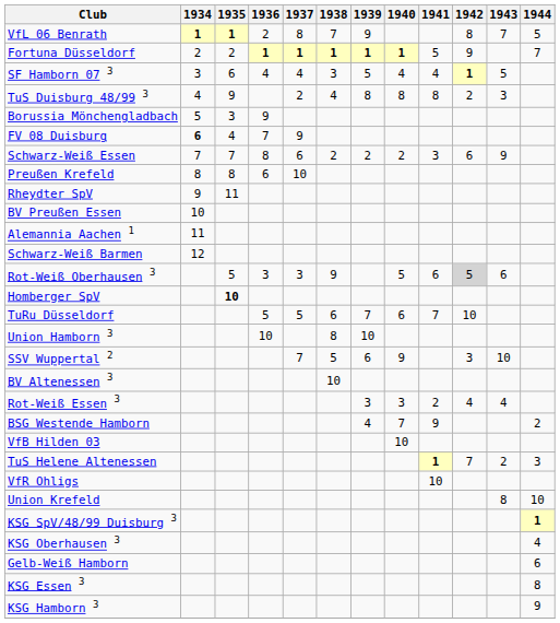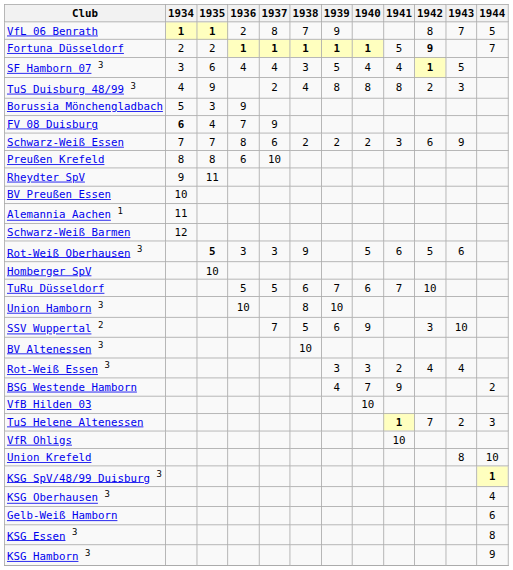 <table class="wikitable">
 <tr>
 <th>Club</th>
 <th>1934</th>
 <th>1935</th>
 <th>1936</th>
 <th>1937</th>
 <th>1938</th>
 <th>1939</th>
 <th>1940</th>
 <th>1941</th>
 <th>1942</th>
 <th>1943</th>
 <th>1944</th>
 </tr>
 <tr align="center">
 <td align="left"><a href='#'>VfL 06 Benrath</a></td>
 <td bgcolor="#ffffbf"><strong>1</strong></td>
 <td bgcolor="#ffffbf"><strong>1</strong></td>
 <td>2</td>
 <td>8</td>
 <td>7</td>
 <td>9</td>
 <td></td>
 <td></td>
 <td>8</td>
 <td>7</td>
 <td>5</td>
 </tr>
 <tr align="center">
 <td align="left"><a href='#'>Fortuna Düsseldorf</a></td>
 <td>2</td>
 <td>2</td>
 <td bgcolor="#ffffbf"><strong>1</strong></td>
 <td bgcolor="#ffffbf"><strong>1</strong></td>
 <td bgcolor="#ffffbf"><strong>1</strong></td>
 <td bgcolor="#ffffbf"><strong>1</strong></td>
 <td bgcolor="#ffffbf"><strong>1</strong></td>
 <td>5</td>
-<td>9</td>
+<td><strong>9</strong></td>
 <td></td>
 <td>7</td>
 </tr>
 <tr align="center">
 <td align="left"><a href='#'>SF Hamborn 07</a> <sup>3</sup></td>
 <td>3</td>
 <td>6</td>
 <td>4</td>
 <td>4</td>
 <td>3</td>
 <td>5</td>
 <td>4</td>
 <td>4</td>
 <td bgcolor="#ffffbf"><strong>1</strong></td>
 <td>5</td>
 <td></td>
 </tr>
 <tr align="center">
 <td align="left"><a href='#'>TuS Duisburg 48/99</a> <sup>3</sup></td>
 <td>4</td>
 <td>9</td>
 <td></td>
 <td>2</td>
 <td>4</td>
 <td>8</td>
 <td>8</td>
 <td>8</td>
 <td>2</td>
 <td>3</td>
 <td></td>
 </tr>
 <tr align="center">
 <td align="left"><a href='#'>Borussia Mönchengladbach</a></td>
 <td>5</td>
 <td>3</td>
 <td>9</td>
 <td></td>
 <td></td>
 <td></td>
 <td></td>
 <td></td>
 <td></td>
 <td></td>
 <td></td>
 </tr>
 <tr align="center">
 <td align="left"><a href='#'>FV 08 Duisburg</a></td>
 <td><strong>6</strong></td>
 <td>4</td>
 <td>7</td>
 <td>9</td>
 <td></td>
 <td></td>
 <td></td>
 <td></td>
 <td></td>
 <td></td>
 <td></td>
 </tr>
 <tr align="center">
 <td align="left"><a href='#'>Schwarz-Weiß Essen</a></td>
 <td>7</td>
 <td>7</td>
 <td>8</td>
 <td>6</td>
 <td>2</td>
 <td>2</td>
 <td>2</td>
 <td>3</td>
 <td>6</td>
 <td>9</td>
 <td></td>
 </tr>
 <tr align="center">
 <td align="left"><a href='#'>Preußen Krefeld</a></td>
 <td>8</td>
 <td>8</td>
 <td>6</td>
 <td>10</td>
 <td></td>
 <td></td>
 <td></td>
 <td></td>
 <td></td>
 <td></td>
 <td></td>
 </tr>
 <tr align="center">
 <td align="left"><a href='#'>Rheydter SpV</a></td>
 <td>9</td>
 <td>11</td>
 <td></td>
 <td></td>
 <td></td>
 <td></td>
 <td></td>
 <td></td>
 <td></td>
 <td></td>
 <td></td>
 </tr>
 <tr align="center">
 <td align="left"><a href='#'>BV Preußen Essen</a></td>
 <td>10</td>
 <td></td>
 <td></td>
 <td></td>
 <td></td>
 <td></td>
 <td></td>
 <td></td>
 <td></td>
 <td></td>
 <td></td>
 </tr>
 <tr align="center">
 <td align="left"><a href='#'>Alemannia Aachen</a> <sup>1</sup></td>
 <td>11</td>
 <td></td>
 <td></td>
 <td></td>
 <td></td>
 <td></td>
 <td></td>
 <td></td>
 <td></td>
 <td></td>
 <td></td>
 </tr>
 <tr align="center">
 <td align="left"><a href='#'>Schwarz-Weiß Barmen</a></td>
 <td>12</td>
 <td></td>
 <td></td>
 <td></td>
 <td></td>
 <td></td>
 <td></td>
 <td></td>
 <td></td>
 <td></td>
 <td></td>
 </tr>
 <tr align="center">
 <td align="left"><a href='#'>Rot-Weiß Oberhausen</a> <sup>3</sup></td>
 <td></td>
-<td>5</td>
+<td><strong>5</strong></td>
 <td>3</td>
 <td>3</td>
 <td>9</td>
 <td></td>
 <td>5</td>
 <td>6</td>
-<td style="background: lightgrey;">5</td>
+<td>5</td>
 <td>6</td>
 <td></td>
 </tr>
 <tr align="center">
 <td align="left"><a href='#'>Homberger SpV</a></td>
 <td></td>
-<td><strong>10</strong></td>
+<td>10</td>
 <td></td>
 <td></td>
 <td></td>
 <td></td>
 <td></td>
 <td></td>
 <td></td>
 <td></td>
 <td></td>
 </tr>
 <tr align="center">
 <td align="left"><a href='#'>TuRu Düsseldorf</a></td>
 <td></td>
 <td></td>
 <td>5</td>
 <td>5</td>
 <td>6</td>
 <td>7</td>
 <td>6</td>
 <td>7</td>
 <td>10</td>
 <td></td>
 <td></td>
 </tr>
 <tr align="center">
 <td align="left"><a href='#'>Union Hamborn</a> <sup>3</sup></td>
 <td></td>
 <td></td>
 <td>10</td>
 <td></td>
 <td>8</td>
 <td>10</td>
 <td></td>
 <td></td>
 <td></td>
 <td></td>
 <td></td>
 </tr>
 <tr align="center">
 <td align="left"><a href='#'>SSV Wuppertal</a> <sup>2</sup></td>
 <td></td>
 <td></td>
 <td></td>
 <td>7</td>
 <td>5</td>
 <td>6</td>
 <td>9</td>
 <td></td>
 <td>3</td>
 <td>10</td>
 <td></td>
 </tr>
 <tr align="center">
 <td align="left"><a href='#'>BV Altenessen</a> <sup>3</sup></td>
 <td></td>
 <td></td>
 <td></td>
 <td></td>
 <td>10</td>
 <td></td>
 <td></td>
 <td></td>
 <td></td>
 <td></td>
 <td></td>
 </tr>
 <tr align="center">
 <td align="left"><a href='#'>Rot-Weiß Essen</a> <sup>3</sup></td>
 <td></td>
 <td></td>
 <td></td>
 <td></td>
 <td></td>
 <td>3</td>
 <td>3</td>
 <td>2</td>
 <td>4</td>
 <td>4</td>
 <td></td>
 </tr>
 <tr align="center">
 <td align="left"><a href='#'>BSG Westende Hamborn</a></td>
 <td></td>
 <td></td>
 <td></td>
 <td></td>
 <td></td>
 <td>4</td>
 <td>7</td>
 <td>9</td>
 <td></td>
 <td></td>
 <td>2</td>
 </tr>
 <tr align="center">
 <td align="left"><a href='#'>VfB Hilden 03</a></td>
 <td></td>
 <td></td>
 <td></td>
 <td></td>
 <td></td>
 <td></td>
 <td>10</td>
 <td></td>
 <td></td>
 <td></td>
 <td></td>
 </tr>
 <tr align="center">
 <td align="left"><a href='#'>TuS Helene Altenessen</a></td>
 <td></td>
 <td></td>
 <td></td>
 <td></td>
 <td></td>
 <td></td>
 <td></td>
 <td bgcolor="#ffffbf"><strong>1</strong></td>
 <td>7</td>
 <td>2</td>
 <td>3</td>
 </tr>
 <tr align="center">
 <td align="left"><a href='#'>VfR Ohligs</a></td>
 <td></td>
 <td></td>
 <td></td>
 <td></td>
 <td></td>
 <td></td>
 <td></td>
 <td>10</td>
 <td></td>
 <td></td>
 <td></td>
 </tr>
 <tr align="center">
 <td align="left"><a href='#'>Union Krefeld</a></td>
 <td></td>
 <td></td>
 <td></td>
 <td></td>
 <td></td>
 <td></td>
 <td></td>
 <td></td>
 <td></td>
 <td>8</td>
 <td>10</td>
 </tr>
 <tr align="center">
 <td align="left"><a href='#'>KSG SpV/48/99 Duisburg</a> <sup>3</sup></td>
 <td></td>
 <td></td>
 <td></td>
 <td></td>
 <td></td>
 <td></td>
 <td></td>
 <td></td>
 <td></td>
 <td></td>
 <td bgcolor="#ffffbf"><strong>1</strong></td>
 </tr>
 <tr align="center">
 <td align="left"><a href='#'>KSG Oberhausen</a> <sup>3</sup></td>
 <td></td>
 <td></td>
 <td></td>
 <td></td>
 <td></td>
 <td></td>
 <td></td>
 <td></td>
 <td></td>
 <td></td>
 <td>4</td>
 </tr>
 <tr align="center">
 <td align="left"><a href='#'>Gelb-Weiß Hamborn</a></td>
 <td></td>
 <td></td>
 <td></td>
 <td></td>
 <td></td>
 <td></td>
 <td></td>
 <td></td>
 <td></td>
 <td></td>
 <td>6</td>
 </tr>
 <tr align="center">
 <td align="left"><a href='#'>KSG Essen</a> <sup>3</sup></td>
 <td></td>
 <td></td>
 <td></td>
 <td></td>
 <td></td>
 <td></td>
 <td></td>
 <td></td>
 <td></td>
 <td></td>
 <td>8</td>
 </tr>
 <tr align="center">
 <td align="left"><a href='#'>KSG Hamborn</a> <sup>3</sup></td>
 <td></td>
 <td></td>
 <td></td>
 <td></td>
 <td></td>
 <td></td>
 <td></td>
 <td></td>
 <td></td>
 <td></td>
 <td>9</td>
 </tr>
 <tr align="center">
 </tr>
 </table>
